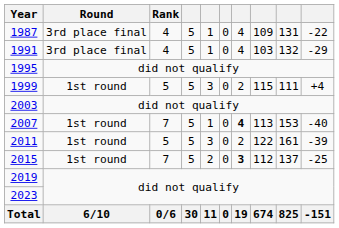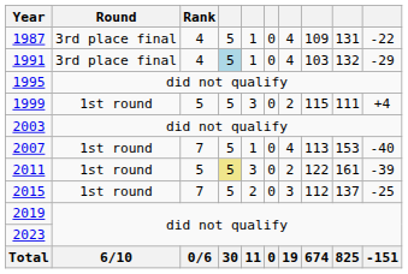 <table class="wikitable" style="text-align: center;">
 <tr>
 <th>Year</th>
 <th>Round</th>
 <th>Rank</th>
 <th></th>
 <th></th>
 <th></th>
 <th></th>
 <th></th>
 <th></th>
 <th></th>
 </tr>
 <tr>
 <td> <a href='#'>1987</a></td>
 <td>3rd place final</td>
 <td>4</td>
 <td>5</td>
 <td>1</td>
 <td>0</td>
 <td>4</td>
 <td>109</td>
 <td>131</td>
 <td>-22</td>
 </tr>
 <tr>
 <td>  <a href='#'>1991</a></td>
 <td>3rd place final</td>
 <td>4</td>
-<td>5</td>
+<td style="background: lightblue;">5</td>
 <td>1</td>
 <td>0</td>
 <td>4</td>
 <td>103</td>
 <td>132</td>
 <td>-29</td>
 </tr>
 <tr>
 <td> <a href='#'>1995</a></td>
 <td colspan="9">did not qualify</td>
 </tr>
 <tr>
 <td> <a href='#'>1999</a></td>
 <td>1st round</td>
 <td>5</td>
 <td>5</td>
 <td>3</td>
 <td>0</td>
 <td>2</td>
 <td>115</td>
 <td>111</td>
 <td>+4</td>
 </tr>
 <tr>
 <td> <a href='#'>2003</a></td>
 <td colspan="9">did not qualify</td>
 </tr>
 <tr>
 <td> <a href='#'>2007</a></td>
 <td>1st round</td>
 <td>7</td>
 <td>5</td>
 <td>1</td>
 <td>0</td>
-<td><strong>4</strong></td>
+<td>4</td>
 <td>113</td>
 <td>153</td>
 <td>-40</td>
 </tr>
 <tr>
 <td> <a href='#'>2011</a></td>
 <td>1st round</td>
 <td>5</td>
-<td>5</td>
+<td style="background: khaki;">5</td>
 <td>3</td>
 <td>0</td>
 <td>2</td>
 <td>122</td>
 <td>161</td>
 <td>-39</td>
 </tr>
 <tr>
 <td> <a href='#'>2015</a></td>
 <td>1st round</td>
 <td>7</td>
 <td>5</td>
 <td>2</td>
 <td>0</td>
-<td><strong>3</strong></td>
+<td>3</td>
 <td>112</td>
 <td>137</td>
 <td>-25</td>
 </tr>
 <tr>
 <td> <a href='#'>2019</a></td>
 <td rowspan="2"colspan="9">did not qualify</td>
 </tr>
 <tr>
 <td> <a href='#'>2023</a></td>
 </tr>
 <tr>
 <th>Total</th>
 <th>6/10</th>
 <th>0/6</th>
 <th>30</th>
 <th>11</th>
 <th>0</th>
 <th>19</th>
 <th>674</th>
 <th>825</th>
 <th>-151</th>
 </tr>
 </table>
